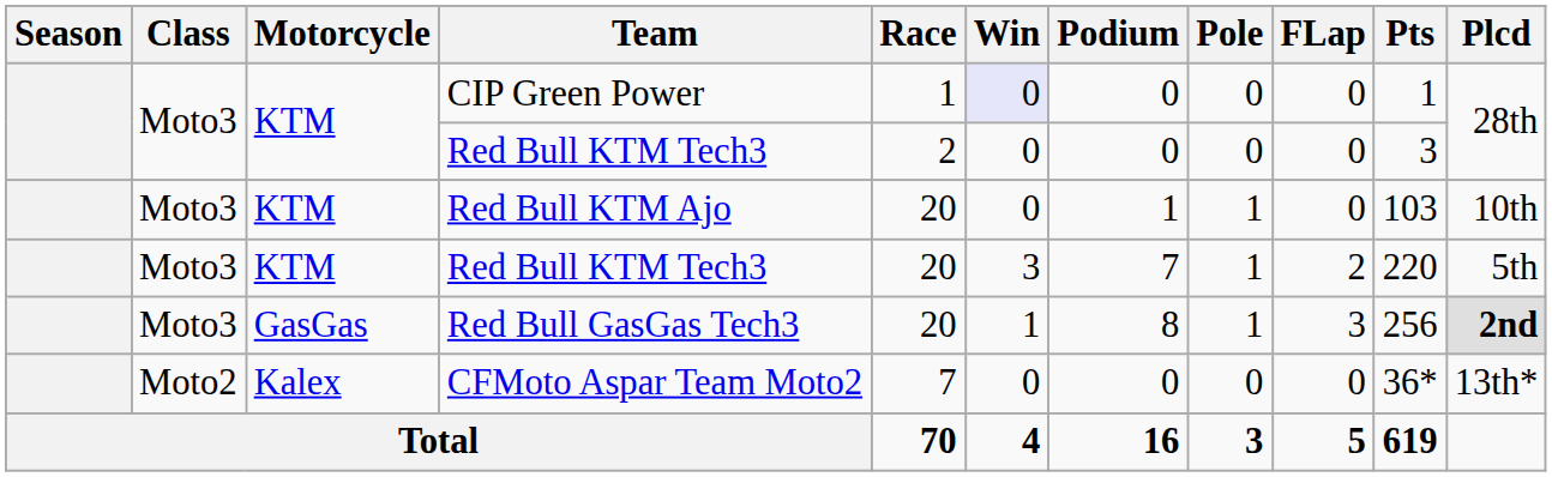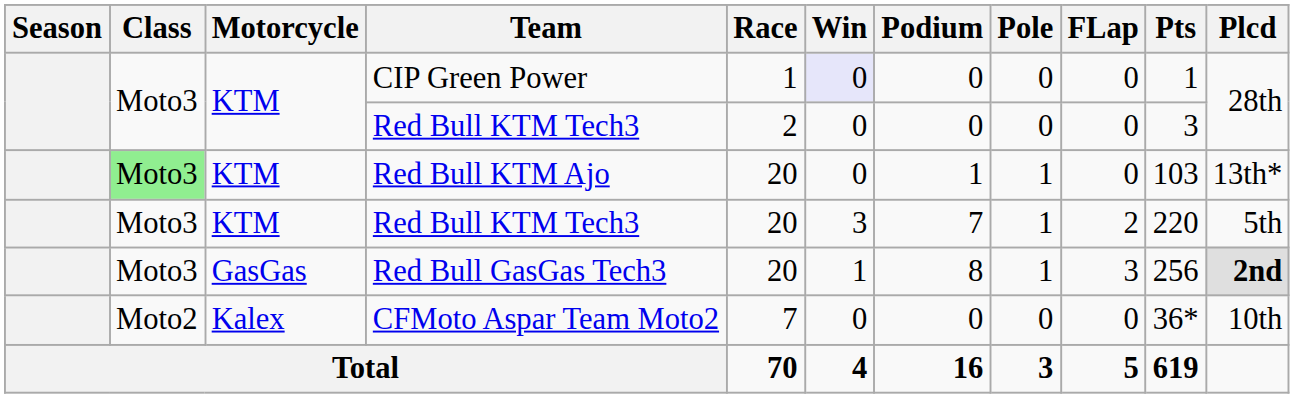 <table class="wikitable" style="text-align:right;">
 <tr>
 <th>Season</th>
 <th>Class</th>
 <th>Motorcycle</th>
 <th>Team</th>
 <th>Race</th>
 <th>Win</th>
 <th>Podium</th>
 <th>Pole</th>
 <th>FLap</th>
 <th>Pts</th>
 <th>Plcd</th>
 </tr>
 <tr>
 <th rowspan="2"></th>
 <td rowspan="2">Moto3</td>
 <td style="text-align:left;" rowspan="2"><a href='#'>KTM</a></td>
 <td style="text-align:left;">CIP Green Power</td>
 <td>1</td>
 <td style="background: lavender;">0</td>
 <td>0</td>
 <td>0</td>
 <td>0</td>
 <td>1</td>
 <td rowspan="2">28th</td>
 </tr>
 <tr>
 <td style="text-align:left;"><a href='#'>Red Bull KTM Tech3</a></td>
 <td>2</td>
 <td>0</td>
 <td>0</td>
 <td>0</td>
 <td>0</td>
 <td>3</td>
 </tr>
 <tr>
 <th></th>
-<td>Moto3</td>
+<td style="background: lightgreen;">Moto3</td>
 <td style="text-align:left;"><a href='#'>KTM</a></td>
 <td style="text-align:left;"><a href='#'>Red Bull KTM Ajo</a></td>
 <td>20</td>
 <td>0</td>
 <td>1</td>
 <td>1</td>
 <td>0</td>
 <td>103</td>
-<td>10th</td>
+<td>13th*</td>
 </tr>
 <tr>
 <th></th>
 <td>Moto3</td>
 <td style="text-align:left;"><a href='#'>KTM</a></td>
 <td style="text-align:left;"><a href='#'>Red Bull KTM Tech3</a></td>
 <td>20</td>
 <td>3</td>
 <td>7</td>
 <td>1</td>
 <td>2</td>
 <td>220</td>
 <td>5th</td>
 </tr>
 <tr>
 <th></th>
 <td>Moto3</td>
 <td style="text-align:left;"><a href='#'>GasGas</a></td>
 <td style="text-align:left;"><a href='#'>Red Bull GasGas Tech3</a></td>
 <td>20</td>
 <td>1</td>
 <td>8</td>
 <td>1</td>
 <td>3</td>
 <td>256</td>
 <td style="background:#DFDFDF;"><strong>2nd</strong></td>
 </tr>
 <tr>
 <th></th>
 <td>Moto2</td>
 <td style="text-align:left;"><a href='#'>Kalex</a></td>
 <td style="text-align:left;"><a href='#'>CFMoto Aspar Team Moto2</a></td>
 <td>7</td>
 <td>0</td>
 <td>0</td>
 <td>0</td>
 <td>0</td>
 <td>36*</td>
-<td>13th*</td>
+<td>10th</td>
 </tr>
 <tr>
 <th colspan="4">Total</th>
 <td><strong>70</strong></td>
 <td><strong>4</strong></td>
 <td><strong>16</strong></td>
 <td><strong>3</strong></td>
 <td><strong>5</strong></td>
 <td><strong>619</strong></td>
 <td></td>
 </tr>
 </table>
